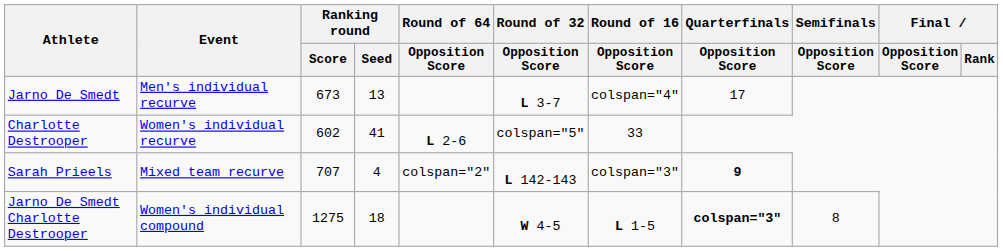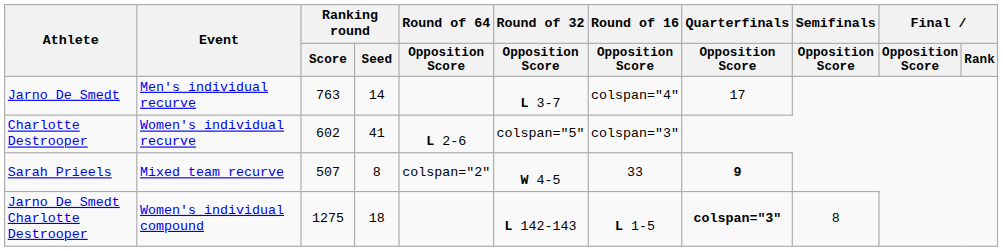 <table class="wikitable" style="text-align:center; font-size:90%">
 <tr>
 <th rowspan="2">Athlete</th>
 <th rowspan="2">Event</th>
 <th colspan="2">Ranking round</th>
 <th>Round of 64</th>
 <th>Round of 32</th>
 <th>Round of 16</th>
 <th>Quarterfinals</th>
 <th>Semifinals</th>
 <th colspan="2">Final / </th>
 </tr>
 <tr style="font-size:95%">
 <th>Score</th>
 <th>Seed</th>
 <th>Opposition<br>Score</th>
 <th>Opposition<br>Score</th>
 <th>Opposition<br>Score</th>
 <th>Opposition<br>Score</th>
 <th>Opposition<br>Score</th>
 <th>Opposition<br>Score</th>
 <th>Rank</th>
 </tr>
 <tr>
 <td align="left"><a href='#'>Jarno De Smedt</a></td>
 <td align="left"><a href='#'>Men's individual recurve</a></td>
-<td>673</td>
-<td>13</td>
+<td>763</td>
+<td>14</td>
 <td></td>
 <td><br><strong>L</strong> 3-7</td>
 <td>colspan="4" </td>
 <td>17</td>
 </tr>
 <tr>
 <td align="left"><a href='#'>Charlotte Destrooper</a></td>
 <td align="left"><a href='#'>Women's individual recurve</a></td>
 <td>602</td>
 <td>41</td>
 <td><br><strong>L</strong> 2-6</td>
 <td>colspan="5" </td>
-<td>33</td>
+<td>colspan="3" </td>
 </tr>
 <tr>
 <td align="left"><a href='#'>Sarah Prieels</a></td>
 <td align="left"><a href='#'>Mixed team recurve</a></td>
-<td>707</td>
-<td>4</td>
+<td>507</td>
+<td>8</td>
 <td>colspan="2" </td>
-<td><br><strong>L</strong> 142-143</td>
-<td>colspan="3" </td>
+<td><br><strong>W</strong> 4-5</td>
+<td>33</td>
 <td><strong>9</strong></td>
 </tr>
 <tr>
 <td align="left"><a href='#'>Jarno De Smedt</a><br><a href='#'>Charlotte Destrooper</a></td>
 <td align="left"><a href='#'>Women's individual compound</a></td>
 <td>1275</td>
 <td>18</td>
 <td></td>
-<td><br><strong>W</strong> 4-5</td>
+<td><br><strong>L</strong> 142-143</td>
 <td><br><strong>L</strong> 1-5</td>
 <td><strong>colspan="3" </strong></td>
 <td>8</td>
 </tr>
 </table>
